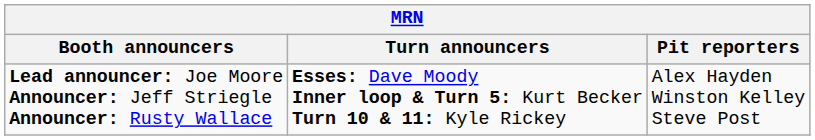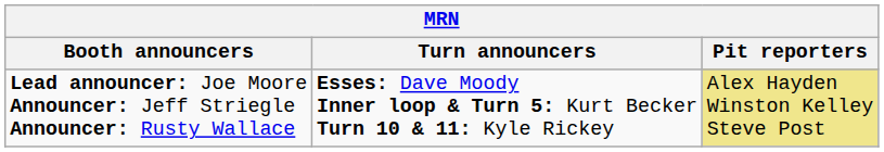 <table class="wikitable" style="font-size: 95%">
 <tr>
 <th colspan="3"><a href='#'>MRN</a></th>
 </tr>
 <tr>
 <th>Booth announcers</th>
 <th>Turn announcers</th>
 <th>Pit reporters</th>
 </tr>
 <tr>
 <td><strong>Lead announcer:</strong> Joe Moore<br><strong>Announcer:</strong> Jeff Striegle<br><strong>Announcer:</strong> <a href='#'>Rusty Wallace</a></td>
 <td><strong>Esses:</strong> <a href='#'>Dave Moody</a> <br><strong>Inner loop & Turn 5:</strong> Kurt Becker<br><strong>Turn 10 & 11:</strong> Kyle Rickey</td>
-<td>Alex Hayden<br>Winston Kelley<br>Steve Post</td>
+<td style="background: khaki;">Alex Hayden<br>Winston Kelley<br>Steve Post</td>
 </tr>
 </table>
